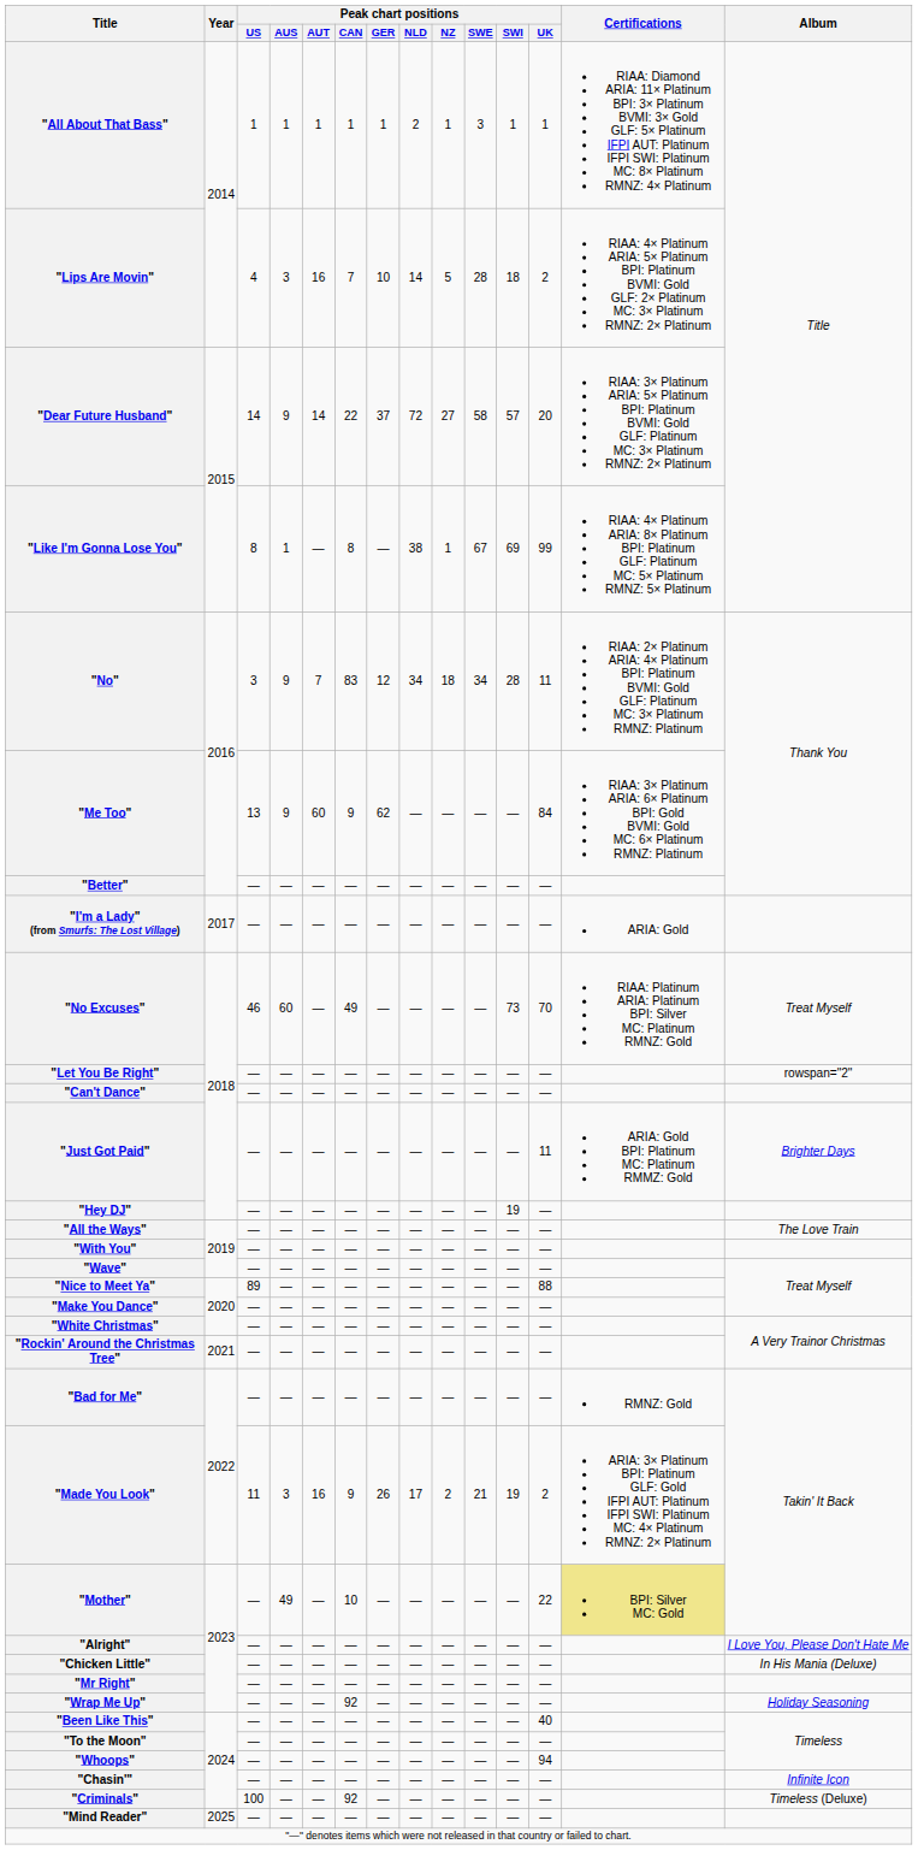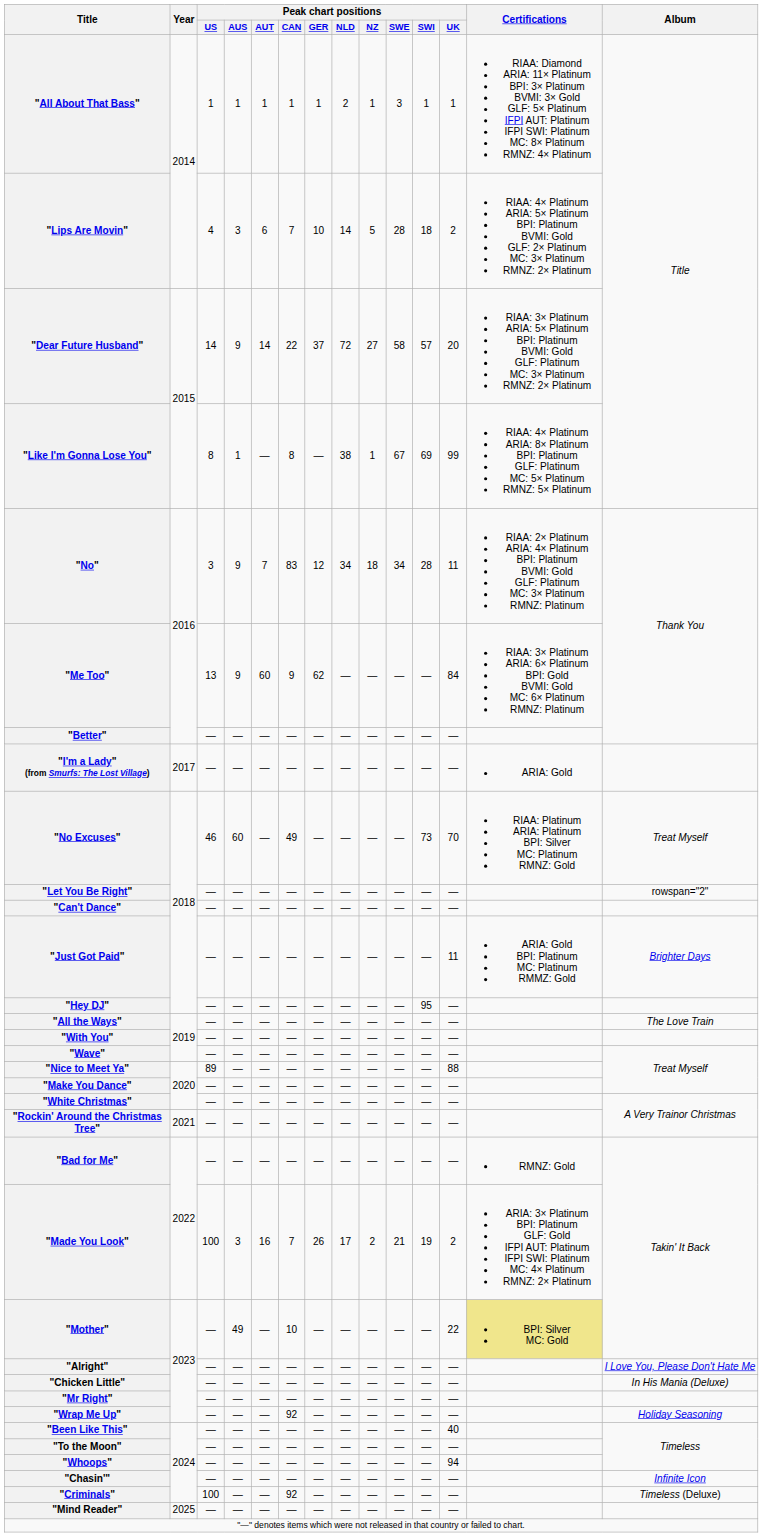 <table class="wikitable plainrowheaders" style="text-align:center;">
 <tr>
 <th scope="col" rowspan="2" style="width:16em;">Title</th>
 <th scope="col" rowspan="2">Year</th>
 <th scope="col" colspan="10">Peak chart positions</th>
 <th scope="col" rowspan="2" style="width:13em;"><a href='#'>Certifications</a></th>
 <th scope="col" rowspan="2">Album</th>
 </tr>
 <tr>
 <th scope="col" style="width:2.5em; font-size:90%;"><a href='#'>US</a><br></th>
 <th scope="col" style="width:2.5em; font-size:90%;"><a href='#'>AUS</a><br></th>
 <th scope="col" style="width:2.5em; font-size:90%;"><a href='#'>AUT</a><br></th>
 <th scope="col" style="width:2.5em; font-size:90%;"><a href='#'>CAN</a><br></th>
 <th scope="col" style="width:2.5em; font-size:90%;"><a href='#'>GER</a><br></th>
 <th scope="col" style="width:2.5em;font-size:90%;"><a href='#'>NLD</a><br></th>
 <th scope="col" style="width:2.5em;font-size:90%;"><a href='#'>NZ</a><br></th>
 <th scope="col" style="width:2.5em;font-size:90%;"><a href='#'>SWE</a><br></th>
 <th scope="col" style="width:2.5em;font-size:90%;"><a href='#'>SWI</a><br></th>
 <th scope="col" style="width:2.5em;font-size:90%;"><a href='#'>UK</a><br></th>
 </tr>
 <tr>
 <th scope="row">"<a href='#'>All About That Bass</a>"</th>
 <td rowspan="2">2014</td>
 <td>1</td>
 <td>1</td>
 <td>1</td>
 <td>1</td>
 <td>1</td>
 <td>2</td>
 <td>1</td>
 <td>3</td>
 <td>1</td>
 <td>1</td>
 <td><br><ul><li>RIAA: Diamond</li><li>ARIA: 11× Platinum</li><li>BPI: 3× Platinum</li><li>BVMI: 3× Gold</li><li>GLF: 5× Platinum</li><li><a href='#'>IFPI</a> AUT: Platinum</li><li>IFPI SWI: Platinum</li><li>MC: 8× Platinum</li><li>RMNZ: 4× Platinum</li></ul></td>
 <td rowspan="4"><em>Title</em></td>
 </tr>
 <tr>
 <th scope="row">"<a href='#'>Lips Are Movin</a>"</th>
 <td>4</td>
 <td>3</td>
-<td>16</td>
+<td>6</td>
 <td>7</td>
 <td>10</td>
 <td>14</td>
 <td>5</td>
 <td>28</td>
 <td>18</td>
 <td>2</td>
 <td><br><ul><li>RIAA: 4× Platinum</li><li>ARIA: 5× Platinum</li><li>BPI: Platinum</li><li>BVMI: Gold</li><li>GLF: 2× Platinum</li><li>MC: 3× Platinum</li><li>RMNZ: 2× Platinum</li></ul></td>
 </tr>
 <tr>
 <th scope="row">"<a href='#'>Dear Future Husband</a>"</th>
 <td rowspan="2">2015</td>
 <td>14</td>
 <td>9</td>
 <td>14</td>
 <td>22</td>
 <td>37</td>
 <td>72</td>
 <td>27</td>
 <td>58</td>
 <td>57</td>
 <td>20</td>
 <td><br><ul><li>RIAA: 3× Platinum</li><li>ARIA: 5× Platinum</li><li>BPI: Platinum</li><li>BVMI: Gold</li><li>GLF: Platinum</li><li>MC: 3× Platinum</li><li>RMNZ: 2× Platinum</li></ul></td>
 </tr>
 <tr>
 <th scope="row">"<a href='#'>Like I'm Gonna Lose You</a>"<br></th>
 <td>8</td>
 <td>1</td>
 <td>—</td>
 <td>8</td>
 <td>—</td>
 <td>38</td>
 <td>1</td>
 <td>67</td>
 <td>69</td>
 <td>99</td>
 <td><br><ul><li>RIAA: 4× Platinum</li><li>ARIA: 8× Platinum</li><li>BPI: Platinum</li><li>GLF: Platinum</li><li>MC: 5× Platinum</li><li>RMNZ: 5× Platinum</li></ul></td>
 </tr>
 <tr>
 <th scope="row">"<a href='#'>No</a>"</th>
 <td rowspan="3">2016</td>
 <td>3</td>
 <td>9</td>
 <td>7</td>
 <td>83</td>
 <td>12</td>
 <td>34</td>
 <td>18</td>
 <td>34</td>
 <td>28</td>
 <td>11</td>
 <td><br><ul><li>RIAA: 2× Platinum</li><li>ARIA: 4× Platinum</li><li>BPI: Platinum</li><li>BVMI: Gold</li><li>GLF: Platinum</li><li>MC: 3× Platinum</li><li>RMNZ: Platinum</li></ul></td>
 <td rowspan="3"><em>Thank You</em></td>
 </tr>
 <tr>
 <th scope="row">"<a href='#'>Me Too</a>"</th>
 <td>13</td>
 <td>9</td>
 <td>60</td>
 <td>9</td>
 <td>62</td>
 <td>—</td>
 <td>—</td>
 <td>—</td>
 <td>—</td>
 <td>84</td>
 <td><br><ul><li>RIAA: 3× Platinum</li><li>ARIA: 6× Platinum</li><li>BPI: Gold</li><li>BVMI: Gold</li><li>MC: 6× Platinum</li><li>RMNZ: Platinum</li></ul></td>
 </tr>
 <tr>
 <th scope="row">"<a href='#'>Better</a>"<br></th>
 <td>—</td>
 <td>—</td>
 <td>—</td>
 <td>—</td>
 <td>—</td>
 <td>—</td>
 <td>—</td>
 <td>—</td>
 <td>—</td>
 <td>—</td>
 </tr>
 <tr>
 <th scope="row">"<a href='#'>I'm a Lady</a>"<br><small>(from <em><a href='#'>Smurfs: The Lost Village</a></em>)</small></th>
 <td>2017</td>
 <td>—</td>
 <td>—</td>
 <td>—</td>
 <td>—</td>
 <td>—</td>
 <td>—</td>
 <td>—</td>
 <td>—</td>
 <td>—</td>
 <td>—</td>
 <td><br><ul><li>ARIA: Gold</li></ul></td>
 <td></td>
 </tr>
 <tr>
 <th scope="row">"<a href='#'>No Excuses</a>"</th>
 <td rowspan="5">2018</td>
 <td>46</td>
 <td>60</td>
 <td>—</td>
 <td>49</td>
 <td>—</td>
 <td>—</td>
 <td>—</td>
 <td>—</td>
 <td>73</td>
 <td>70</td>
 <td><br><ul><li>RIAA: Platinum</li><li>ARIA: Platinum</li><li>BPI: Silver</li><li>MC: Platinum</li><li>RMNZ: Gold</li></ul></td>
 <td><em>Treat Myself</em></td>
 </tr>
 <tr>
 <th scope="row">"<a href='#'>Let You Be Right</a>"</th>
 <td>—</td>
 <td>—</td>
 <td>—</td>
 <td>—</td>
 <td>—</td>
 <td>—</td>
 <td>—</td>
 <td>—</td>
 <td>—</td>
 <td>—</td>
 <td></td>
 <td>rowspan="2" </td>
 </tr>
 <tr>
 <th scope="row">"<a href='#'>Can't Dance</a>"</th>
 <td>—</td>
 <td>—</td>
 <td>—</td>
 <td>—</td>
 <td>—</td>
 <td>—</td>
 <td>—</td>
 <td>—</td>
 <td>—</td>
 <td>—</td>
 <td></td>
 </tr>
 <tr>
 <th scope="row">"<a href='#'>Just Got Paid</a>"<br></th>
 <td>—</td>
 <td>—</td>
 <td>—</td>
 <td>—</td>
 <td>—</td>
 <td>—</td>
 <td>—</td>
 <td>—</td>
 <td>—</td>
 <td>11</td>
 <td><br><ul><li>ARIA: Gold</li><li>BPI: Platinum</li><li>MC: Platinum</li><li>RMMZ: Gold</li></ul></td>
 <td><em><a href='#'>Brighter Days</a></em></td>
 </tr>
 <tr>
 <th scope="row">"<a href='#'>Hey DJ</a>"<br></th>
 <td>—</td>
 <td>—</td>
 <td>—</td>
 <td>—</td>
 <td>—</td>
 <td>—</td>
 <td>—</td>
 <td>—</td>
-<td>19</td>
+<td>95</td>
 <td>—</td>
 <td></td>
 <td></td>
 </tr>
 <tr>
 <th scope="row">"<a href='#'>All the Ways</a>"</th>
 <td rowspan=3>2019</td>
 <td>—</td>
 <td>—</td>
 <td>—</td>
 <td>—</td>
 <td>—</td>
 <td>—</td>
 <td>—</td>
 <td>—</td>
 <td>—</td>
 <td>—</td>
 <td></td>
 <td><em>The Love Train</em></td>
 </tr>
 <tr>
 <th scope="row">"<a href='#'>With You</a>"<br></th>
 <td>—</td>
 <td>—</td>
 <td>—</td>
 <td>—</td>
 <td>—</td>
 <td>—</td>
 <td>—</td>
 <td>—</td>
 <td>—</td>
 <td>—</td>
 <td></td>
 <td></td>
 </tr>
 <tr>
 <th scope="row">"<a href='#'>Wave</a>"<br></th>
 <td>—</td>
 <td>—</td>
 <td>—</td>
 <td>—</td>
 <td>—</td>
 <td>—</td>
 <td>—</td>
 <td>—</td>
 <td>—</td>
 <td>—</td>
 <td></td>
 <td rowspan="3"><em>Treat Myself</em></td>
 </tr>
 <tr>
 <th scope="row">"<a href='#'>Nice to Meet Ya</a>"<br></th>
 <td rowspan="3">2020</td>
 <td>89</td>
 <td>—</td>
 <td>—</td>
 <td>—</td>
 <td>—</td>
 <td>—</td>
 <td>—</td>
 <td>—</td>
 <td>—</td>
 <td>88</td>
 <td></td>
 </tr>
 <tr>
 <th scope="row">"<a href='#'>Make You Dance</a>"</th>
 <td>—</td>
 <td>—</td>
 <td>—</td>
 <td>—</td>
 <td>—</td>
 <td>—</td>
 <td>—</td>
 <td>—</td>
 <td>—</td>
 <td>—</td>
 <td></td>
 </tr>
 <tr>
 <th scope="row">"<a href='#'>White Christmas</a>"<br></th>
 <td>—</td>
 <td>—</td>
 <td>—</td>
 <td>—</td>
 <td>—</td>
 <td>—</td>
 <td>—</td>
 <td>—</td>
 <td>—</td>
 <td>—</td>
 <td></td>
 <td rowspan="2"><em>A Very Trainor Christmas</em></td>
 </tr>
 <tr>
 <th scope="row">"<a href='#'>Rockin' Around the Christmas Tree</a>"</th>
 <td>2021</td>
 <td>—</td>
 <td>—</td>
 <td>—</td>
 <td>—</td>
 <td>—</td>
 <td>—</td>
 <td>—</td>
 <td>—</td>
 <td>—</td>
 <td>—</td>
 </tr>
 <tr>
 <th scope="row">"<a href='#'>Bad for Me</a>"<br></th>
 <td rowspan=2>2022</td>
 <td>—</td>
 <td>—</td>
 <td>—</td>
 <td>—</td>
 <td>—</td>
 <td>—</td>
 <td>—</td>
 <td>—</td>
 <td>—</td>
 <td>—</td>
 <td><br><ul><li>RMNZ: Gold</li></ul></td>
 <td rowspan=3><em>Takin' It Back</em></td>
 </tr>
 <tr>
 <th scope="row">"<a href='#'>Made You Look</a>"</th>
-<td>11</td>
+<td>100</td>
 <td>3</td>
 <td>16</td>
-<td>9</td>
+<td>7</td>
 <td>26</td>
 <td>17</td>
 <td>2</td>
 <td>21</td>
 <td>19</td>
 <td>2</td>
 <td><br><ul><li>ARIA: 3× Platinum</li><li>BPI: Platinum</li><li>GLF: Gold</li><li>IFPI AUT: Platinum</li><li>IFPI SWI: Platinum</li><li>MC: 4× Platinum</li><li>RMNZ: 2× Platinum</li></ul></td>
 </tr>
 <tr>
 <th scope="row">"<a href='#'>Mother</a>"</th>
 <td rowspan=5>2023</td>
 <td>—</td>
 <td>49</td>
 <td>—</td>
 <td>10</td>
 <td>—</td>
 <td>—</td>
 <td>—</td>
 <td>—</td>
 <td>—</td>
 <td>22</td>
 <td style="background: khaki;"><br><ul><li>BPI: Silver</li><li>MC: Gold</li></ul></td>
 </tr>
 <tr>
 <th scope="row">"Alright"<br></th>
 <td>—</td>
 <td>—</td>
 <td>—</td>
 <td>—</td>
 <td>—</td>
 <td>—</td>
 <td>—</td>
 <td>—</td>
 <td>—</td>
 <td>—</td>
 <td></td>
 <td><em><a href='#'>I Love You, Please Don't Hate Me</a></em></td>
 </tr>
 <tr>
 <th scope="row">"Chicken Little"<br></th>
 <td>—</td>
 <td>—</td>
 <td>—</td>
 <td>—</td>
 <td>—</td>
 <td>—</td>
 <td>—</td>
 <td>—</td>
 <td>—</td>
 <td>—</td>
 <td></td>
 <td><em>In His Mania (Deluxe)</em></td>
 </tr>
 <tr>
 <th scope="row">"<a href='#'>Mr Right</a>"<br></th>
 <td>—</td>
 <td>—</td>
 <td>—</td>
 <td>—</td>
 <td>—</td>
 <td>—</td>
 <td>—</td>
 <td>—</td>
 <td>—</td>
 <td>—</td>
 <td></td>
 <td></td>
 </tr>
 <tr>
 <th scope="row">"<a href='#'>Wrap Me Up</a>"<br></th>
 <td>—</td>
 <td>—</td>
 <td>—</td>
 <td>92</td>
 <td>—</td>
 <td>—</td>
 <td>—</td>
 <td>—</td>
 <td>—</td>
 <td>—</td>
 <td></td>
 <td><em><a href='#'>Holiday Seasoning</a></em></td>
 </tr>
 <tr>
 <th scope="row">"<a href='#'>Been Like This</a>"<br></th>
 <td rowspan="5">2024</td>
 <td>—</td>
 <td>—</td>
 <td>—</td>
 <td>—</td>
 <td>—</td>
 <td>—</td>
 <td>—</td>
 <td>—</td>
 <td>—</td>
 <td>40</td>
 <td></td>
 <td rowspan="3"><em>Timeless</em></td>
 </tr>
 <tr>
 <th scope="row">"To the Moon"</th>
 <td>—</td>
 <td>—</td>
 <td>—</td>
 <td>—</td>
 <td>—</td>
 <td>—</td>
 <td>—</td>
 <td>—</td>
 <td>—</td>
 <td>—</td>
 <td></td>
 </tr>
 <tr>
 <th scope="row">"<a href='#'>Whoops</a>"</th>
 <td>—</td>
 <td>—</td>
 <td>—</td>
 <td>—</td>
 <td>—</td>
 <td>—</td>
 <td>—</td>
 <td>—</td>
 <td>—</td>
 <td>94</td>
 <td></td>
 </tr>
 <tr>
 <th scope="row">"Chasin'"<br></th>
 <td>—</td>
 <td>—</td>
 <td>—</td>
 <td>—</td>
 <td>—</td>
 <td>—</td>
 <td>—</td>
 <td>—</td>
 <td>—</td>
 <td>—</td>
 <td></td>
 <td><em><a href='#'>Infinite Icon</a></em></td>
 </tr>
 <tr>
 <th scope="row">"<a href='#'>Criminals</a>"</th>
 <td>100</td>
 <td>—</td>
 <td>—</td>
 <td>92</td>
 <td>—</td>
 <td>—</td>
 <td>—</td>
 <td>—</td>
 <td>—</td>
 <td>—</td>
 <td></td>
 <td><em>Timeless</em> (Deluxe)</td>
 </tr>
 <tr>
 <th scope="row">"Mind Reader"<br></th>
 <td>2025</td>
 <td>—</td>
 <td>—</td>
 <td>—</td>
 <td>—</td>
 <td>—</td>
 <td>—</td>
 <td>—</td>
 <td>—</td>
 <td>—</td>
 <td>—</td>
 <td></td>
 <td></td>
 </tr>
 <tr>
 <td colspan="14" style="font-size:85%">"—" denotes items which were not released in that country or failed to chart.</td>
 </tr>
 </table>
